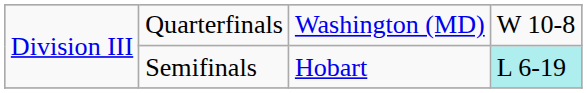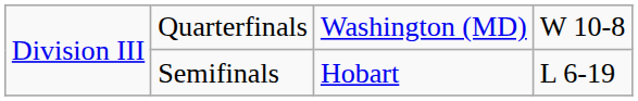 <table class="wikitable">
 <tr>
 <td rowspan="2"><a href='#'>Division III</a></td>
 <td>Quarterfinals</td>
 <td><a href='#'>Washington (MD)</a></td>
 <td>W 10-8</td>
 </tr>
 <tr>
 <td>Semifinals</td>
 <td><a href='#'>Hobart</a></td>
-<td style="background: paleturquoise;">L 6-19</td>
+<td>L 6-19</td>
 </tr>
 </table>
